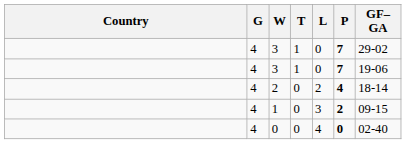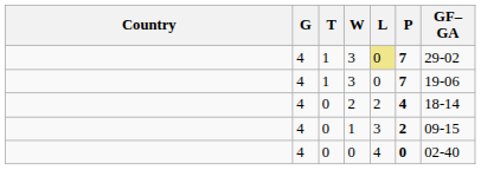 <table class="wikitable sortable">
 <tr>
 <th bgcolor="#efefef" width="300">Country</th>
 <th bgcolor="#efefef" width="20">G</th>
+<th bgcolor="#efefef" width="20">T</th>
 <th bgcolor="#efefef" width="20">W</th>
-<th bgcolor="#efefef" width="20">T</th>
 <th bgcolor="#efefef" width="20">L</th>
 <th bgcolor="#efefef" width="20">P</th>
 <th bgcolor="#efefef" width="50">GF–GA</th>
 </tr>
 <tr>
 <td></td>
 <td>4</td>
+<td>1</td>
 <td>3</td>
-<td>1</td>
-<td>0</td>
+<td style="background: khaki;">0</td>
 <td><strong>7</strong></td>
 <td>29-02</td>
 </tr>
 <tr>
 <td></td>
 <td>4</td>
+<td>1</td>
 <td>3</td>
-<td>1</td>
 <td>0</td>
 <td><strong>7</strong></td>
 <td>19-06</td>
 </tr>
 <tr>
 <td></td>
 <td>4</td>
+<td>0</td>
 <td>2</td>
-<td>0</td>
 <td>2</td>
 <td><strong>4</strong></td>
 <td>18-14</td>
 </tr>
 <tr>
 <td></td>
 <td>4</td>
+<td>0</td>
 <td>1</td>
-<td>0</td>
 <td>3</td>
 <td><strong>2</strong></td>
 <td>09-15</td>
 </tr>
 <tr>
 <td></td>
 <td>4</td>
 <td>0</td>
 <td>0</td>
 <td>4</td>
 <td><strong>0</strong></td>
 <td>02-40</td>
 </tr>
 </table>
